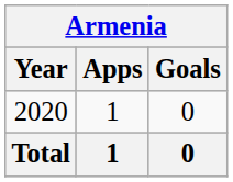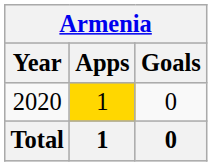 <table class="wikitable" style="text-align:center">
 <tr>
 <th colspan=3><a href='#'>Armenia</a></th>
 </tr>
 <tr>
 <th>Year</th>
 <th>Apps</th>
 <th>Goals</th>
 </tr>
 <tr>
 <td>2020</td>
-<td>1</td>
+<td style="background: gold;">1</td>
 <td>0</td>
 </tr>
 <tr>
 <th>Total</th>
 <th>1</th>
 <th>0</th>
 </tr>
 </table>
